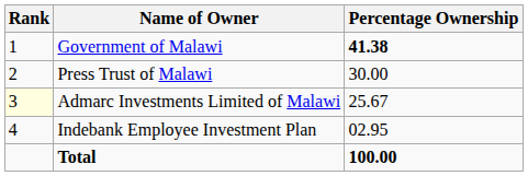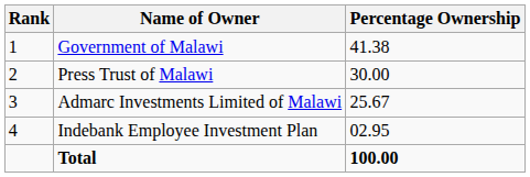 <table class="wikitable sortable" style="margin-left:auto;margin-right:auto">
 <tr>
 <th style="width:2em;">Rank</th>
 <th>Name of Owner</th>
 <th>Percentage Ownership</th>
 </tr>
 <tr>
 <td>1</td>
 <td><a href='#'>Government of Malawi</a></td>
-<td><strong>41.38</strong></td>
+<td>41.38</td>
 </tr>
 <tr>
 <td>2</td>
 <td>Press Trust of <a href='#'>Malawi</a></td>
 <td>30.00</td>
 </tr>
 <tr>
-<td style="background: lightyellow;">3</td>
+<td>3</td>
 <td>Admarc Investments Limited of <a href='#'>Malawi</a></td>
 <td>25.67</td>
 </tr>
 <tr>
 <td>4</td>
 <td>Indebank Employee Investment Plan</td>
 <td>02.95</td>
 </tr>
 <tr>
 <td></td>
 <td><strong>Total</strong></td>
 <td><strong>100.00</strong></td>
 </tr>
 <tr>
 </tr>
 </table>
